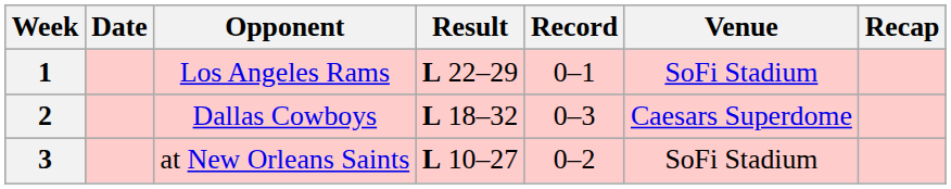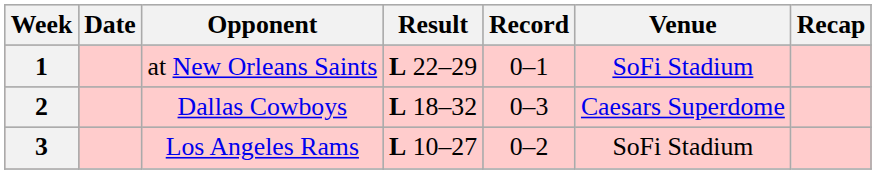 <table class="wikitable" style="text-align:center">
 <tr>
 <th>Week</th>
 <th>Date</th>
 <th>Opponent</th>
 <th>Result</th>
 <th>Record</th>
 <th>Venue</th>
 <th>Recap</th>
 </tr>
 <tr style="background:#fcc">
 <th>1</th>
 <td></td>
-<td><a href='#'>Los Angeles Rams</a></td>
+<td>at <a href='#'>New Orleans Saints</a></td>
 <td><strong>L</strong> 22–29</td>
 <td>0–1</td>
 <td><a href='#'>SoFi Stadium</a></td>
 <td></td>
 </tr>
 <tr style="background:#fcc">
 <th>2</th>
 <td></td>
 <td><a href='#'>Dallas Cowboys</a></td>
 <td><strong>L</strong> 18–32</td>
 <td>0–3</td>
 <td><a href='#'>Caesars Superdome</a></td>
 <td></td>
 </tr>
 <tr style="background:#fcc">
 <th>3</th>
 <td></td>
-<td>at <a href='#'>New Orleans Saints</a></td>
+<td><a href='#'>Los Angeles Rams</a></td>
 <td><strong>L</strong> 10–27</td>
 <td>0–2</td>
 <td>SoFi Stadium</td>
 <td></td>
 </tr>
 </table>
